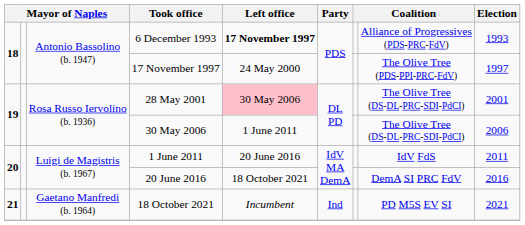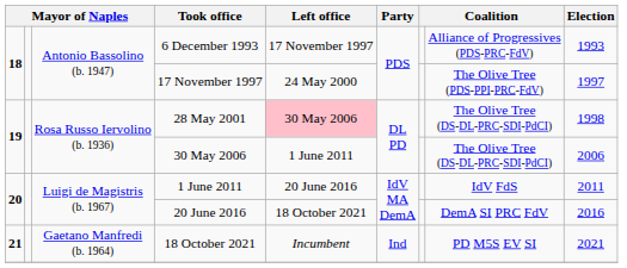 <table class="wikitable" style="text-align: center;">
 <tr>
 <th colspan="3">Mayor of <a href='#'>Naples</a></th>
 <th>Took office</th>
 <th>Left office</th>
 <th>Party</th>
 <th colspan="2">Coalition</th>
 <th>Election</th>
 </tr>
 <tr>
 <td rowspan="2" style="background: "><strong>18</strong></td>
 <td rowspan="2"></td>
 <td rowspan="2"><a href='#'>Antonio Bassolino</a><br><small>(b. 1947)</small></td>
 <td>6 December 1993</td>
-<td><strong>17 November 1997</strong></td>
+<td>17 November 1997</td>
 <td rowspan="2"><a href='#'>PDS</a></td>
 <td style="background: "></td>
 <td><a href='#'>Alliance of Progressives</a><br><small>(<a href='#'>PDS</a>-<a href='#'>PRC</a>-<a href='#'>FdV</a>)</small></td>
 <td><a href='#'>1993</a></td>
 </tr>
 <tr>
 <td>17 November 1997</td>
 <td>24 May 2000</td>
 <td style="background: "></td>
 <td><a href='#'>The Olive Tree</a><br><small>(<a href='#'>PDS</a>-<a href='#'>PPI</a>-<a href='#'>PRC</a>-<a href='#'>FdV</a>)</small></td>
 <td><a href='#'>1997</a></td>
 </tr>
 <tr>
 <td rowspan="2" style="background: "><strong>19</strong></td>
 <td rowspan="2"></td>
 <td rowspan="2"><a href='#'>Rosa Russo Iervolino</a><br><small>(b. 1936)</small></td>
 <td>28 May 2001</td>
 <td style="background: pink;">30 May 2006</td>
 <td rowspan="2"><a href='#'>DL</a><br><a href='#'>PD</a></td>
 <td style="background: "></td>
 <td><a href='#'>The Olive Tree</a><br><small>(<a href='#'>DS</a>-<a href='#'>DL</a>-<a href='#'>PRC</a>-<a href='#'>SDI</a>-<a href='#'>PdCI</a>)</small></td>
-<td><a href='#'>2001</a></td>
+<td><a href='#'>1998</a></td>
 </tr>
 <tr>
 <td>30 May 2006</td>
 <td>1 June 2011</td>
 <td style="background: "></td>
 <td><a href='#'>The Olive Tree</a><br><small>(<a href='#'>DS</a>-<a href='#'>DL</a>-<a href='#'>PRC</a>-<a href='#'>SDI</a>-<a href='#'>PdCI</a>)</small></td>
 <td><a href='#'>2006</a></td>
 </tr>
 <tr>
 <td rowspan="2" style="background: "><strong>20</strong></td>
 <td rowspan="2"></td>
 <td rowspan="2"><a href='#'>Luigi de Magistris</a><br><small>(b. 1967)</small></td>
 <td>1 June 2011</td>
 <td>20 June 2016</td>
 <td rowspan="2"><a href='#'>IdV</a><br><a href='#'>MA</a><br><a href='#'>DemA</a></td>
 <td style="background: "></td>
 <td><a href='#'>IdV</a>  <a href='#'>FdS</a></td>
 <td><a href='#'>2011</a></td>
 </tr>
 <tr>
 <td>20 June 2016</td>
 <td>18 October 2021</td>
 <td style="background: "></td>
 <td><a href='#'>DemA</a>  <a href='#'>SI</a>  <a href='#'>PRC</a>  <a href='#'>FdV</a></td>
 <td><a href='#'>2016</a></td>
 </tr>
 <tr>
 <td style="background: "><strong>21</strong></td>
 <td></td>
 <td><a href='#'>Gaetano Manfredi</a><br><small>(b. 1964)</small></td>
 <td>18 October 2021</td>
 <td><em>Incumbent</em></td>
 <td><a href='#'>Ind</a></td>
 <td style="background: "></td>
 <td><a href='#'>PD</a>  <a href='#'>M5S</a>  <a href='#'>EV</a>  <a href='#'>SI</a></td>
 <td><a href='#'>2021</a></td>
 </tr>
 <tr>
 </tr>
 </table>
